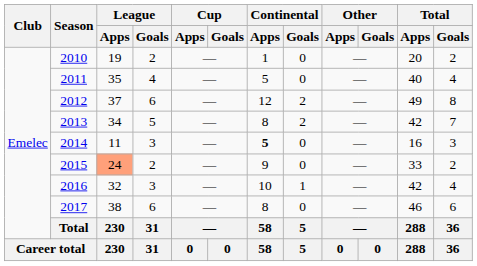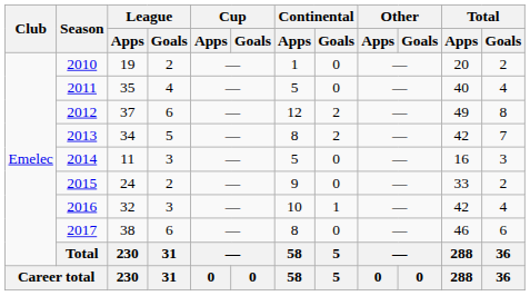 <table class="wikitable" style="text-align: center;">
 <tr>
 <th rowspan="2">Club</th>
 <th rowspan="2">Season</th>
 <th colspan="2">League</th>
 <th colspan="2">Cup</th>
 <th colspan="2">Continental</th>
 <th colspan="2">Other</th>
 <th colspan="2">Total</th>
 </tr>
 <tr>
 <th>Apps</th>
 <th>Goals</th>
 <th>Apps</th>
 <th>Goals</th>
 <th>Apps</th>
 <th>Goals</th>
 <th>Apps</th>
 <th>Goals</th>
 <th>Apps</th>
 <th>Goals</th>
 </tr>
 <tr>
 <td rowspan="9"><a href='#'>Emelec</a></td>
 <td><a href='#'>2010</a></td>
 <td>19</td>
 <td>2</td>
 <td colspan=2>—</td>
 <td>1</td>
 <td>0</td>
 <td colspan=2>—</td>
 <td>20</td>
 <td>2</td>
 </tr>
 <tr>
 <td><a href='#'>2011</a></td>
 <td>35</td>
 <td>4</td>
 <td colspan=2>—</td>
 <td>5</td>
 <td>0</td>
 <td colspan=2>—</td>
 <td>40</td>
 <td>4</td>
 </tr>
 <tr>
 <td><a href='#'>2012</a></td>
 <td>37</td>
 <td>6</td>
 <td colspan=2>—</td>
 <td>12</td>
 <td>2</td>
 <td colspan=2>—</td>
 <td>49</td>
 <td>8</td>
 </tr>
 <tr>
 <td><a href='#'>2013</a></td>
 <td>34</td>
 <td>5</td>
 <td colspan=2>—</td>
 <td>8</td>
 <td>2</td>
 <td colspan=2>—</td>
 <td>42</td>
 <td>7</td>
 </tr>
 <tr>
 <td><a href='#'>2014</a></td>
 <td>11</td>
 <td>3</td>
 <td colspan=2>—</td>
-<td><strong>5</strong></td>
+<td>5</td>
 <td>0</td>
 <td colspan=2>—</td>
 <td>16</td>
 <td>3</td>
 </tr>
 <tr>
 <td><a href='#'>2015</a></td>
-<td style="background: lightsalmon;">24</td>
+<td>24</td>
 <td>2</td>
 <td colspan=2>—</td>
 <td>9</td>
 <td>0</td>
 <td colspan=2>—</td>
 <td>33</td>
 <td>2</td>
 </tr>
 <tr>
 <td><a href='#'>2016</a></td>
 <td>32</td>
 <td>3</td>
 <td colspan=2>—</td>
 <td>10</td>
 <td>1</td>
 <td colspan=2>—</td>
 <td>42</td>
 <td>4</td>
 </tr>
 <tr>
 <td><a href='#'>2017</a></td>
 <td>38</td>
 <td>6</td>
 <td colspan=2>—</td>
 <td>8</td>
 <td>0</td>
 <td colspan=2>—</td>
 <td>46</td>
 <td>6</td>
 </tr>
 <tr>
 <th>Total</th>
 <th>230</th>
 <th>31</th>
 <th colspan=2>—</th>
 <th>58</th>
 <th>5</th>
 <th colspan=2>—</th>
 <th>288</th>
 <th>36</th>
 </tr>
 <tr>
 <th colspan="2">Career total</th>
 <th>230</th>
 <th>31</th>
 <th>0</th>
 <th>0</th>
 <th>58</th>
 <th>5</th>
 <th>0</th>
 <th>0</th>
 <th>288</th>
 <th>36</th>
 </tr>
 </table>
